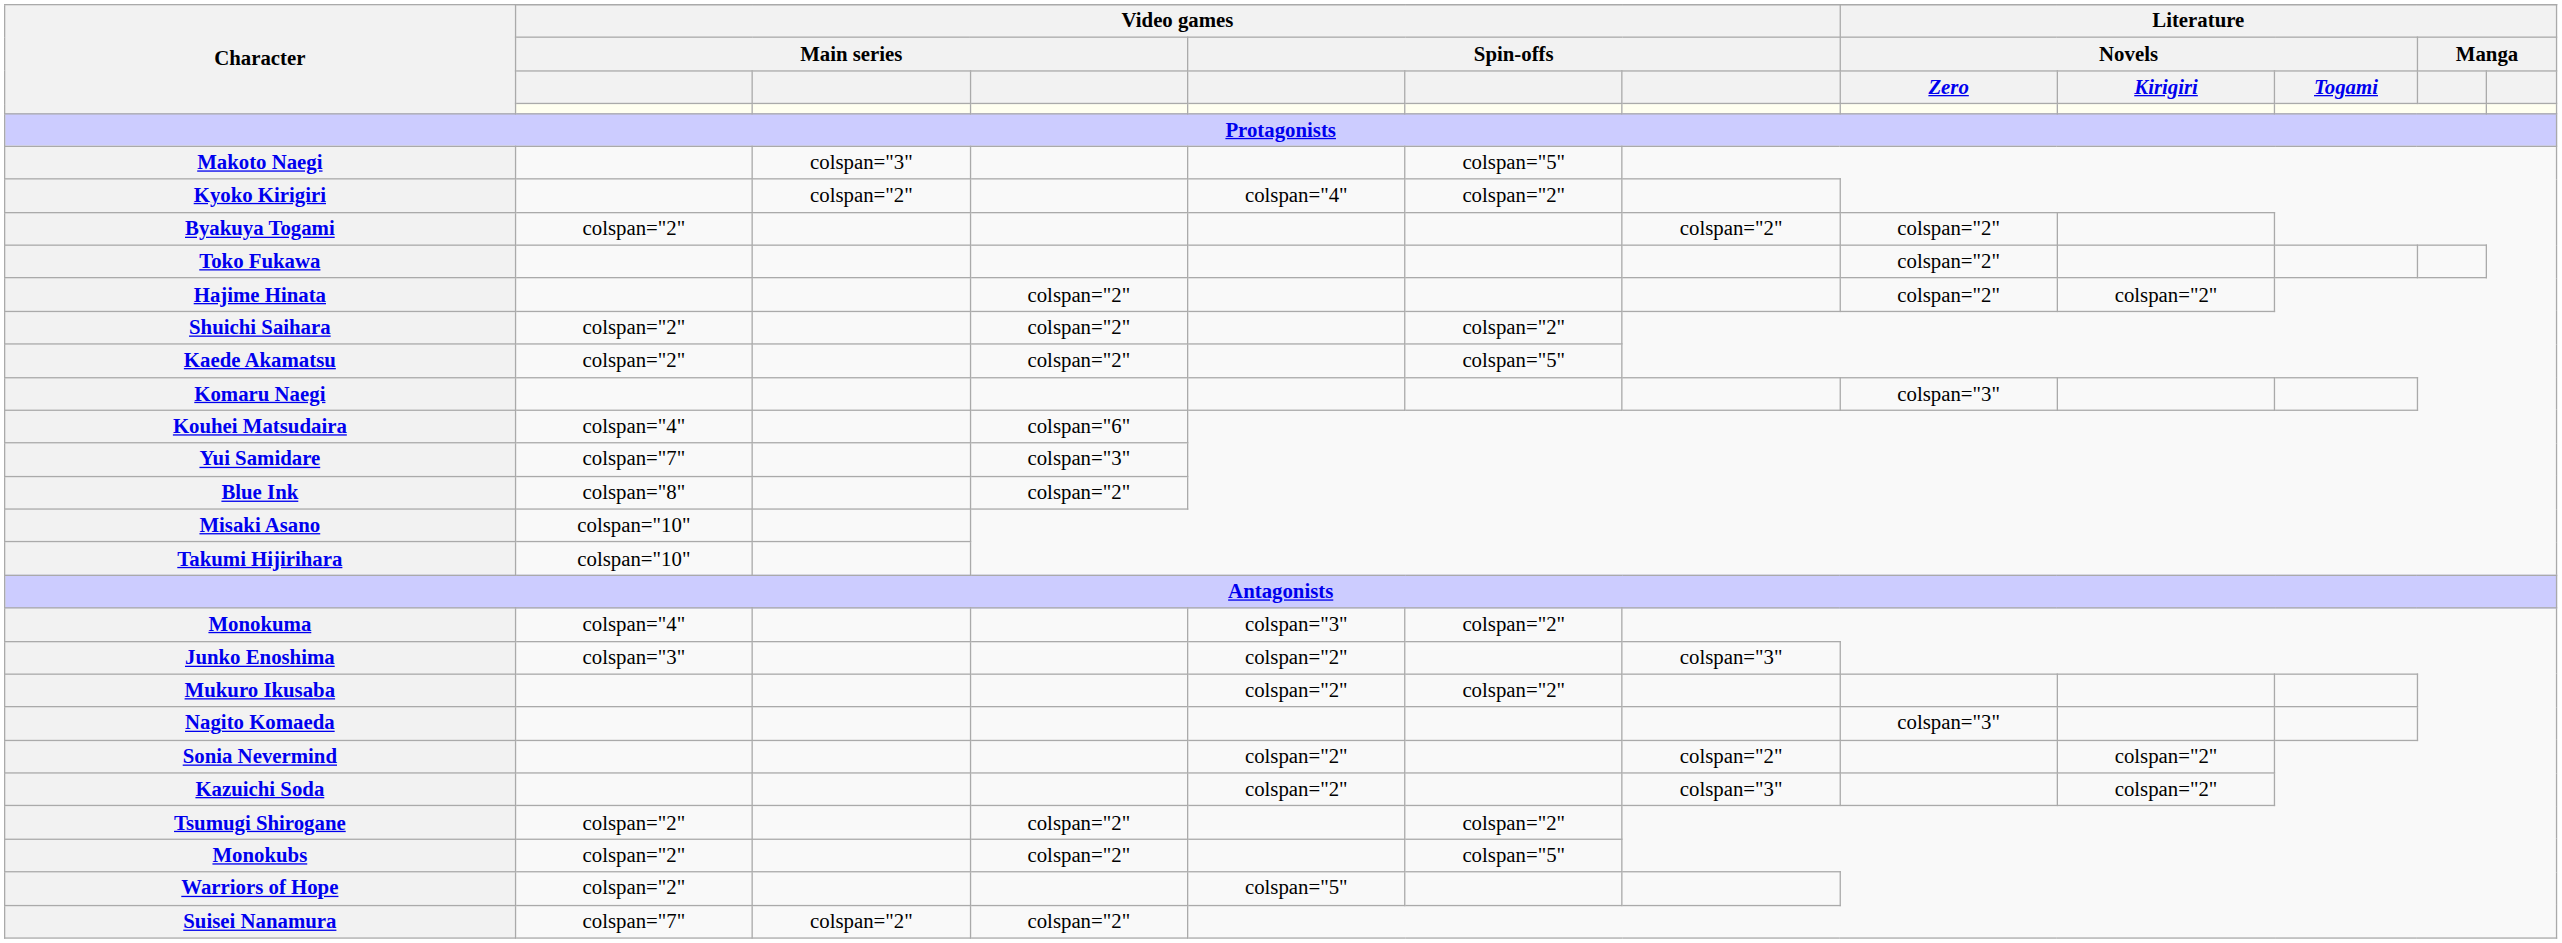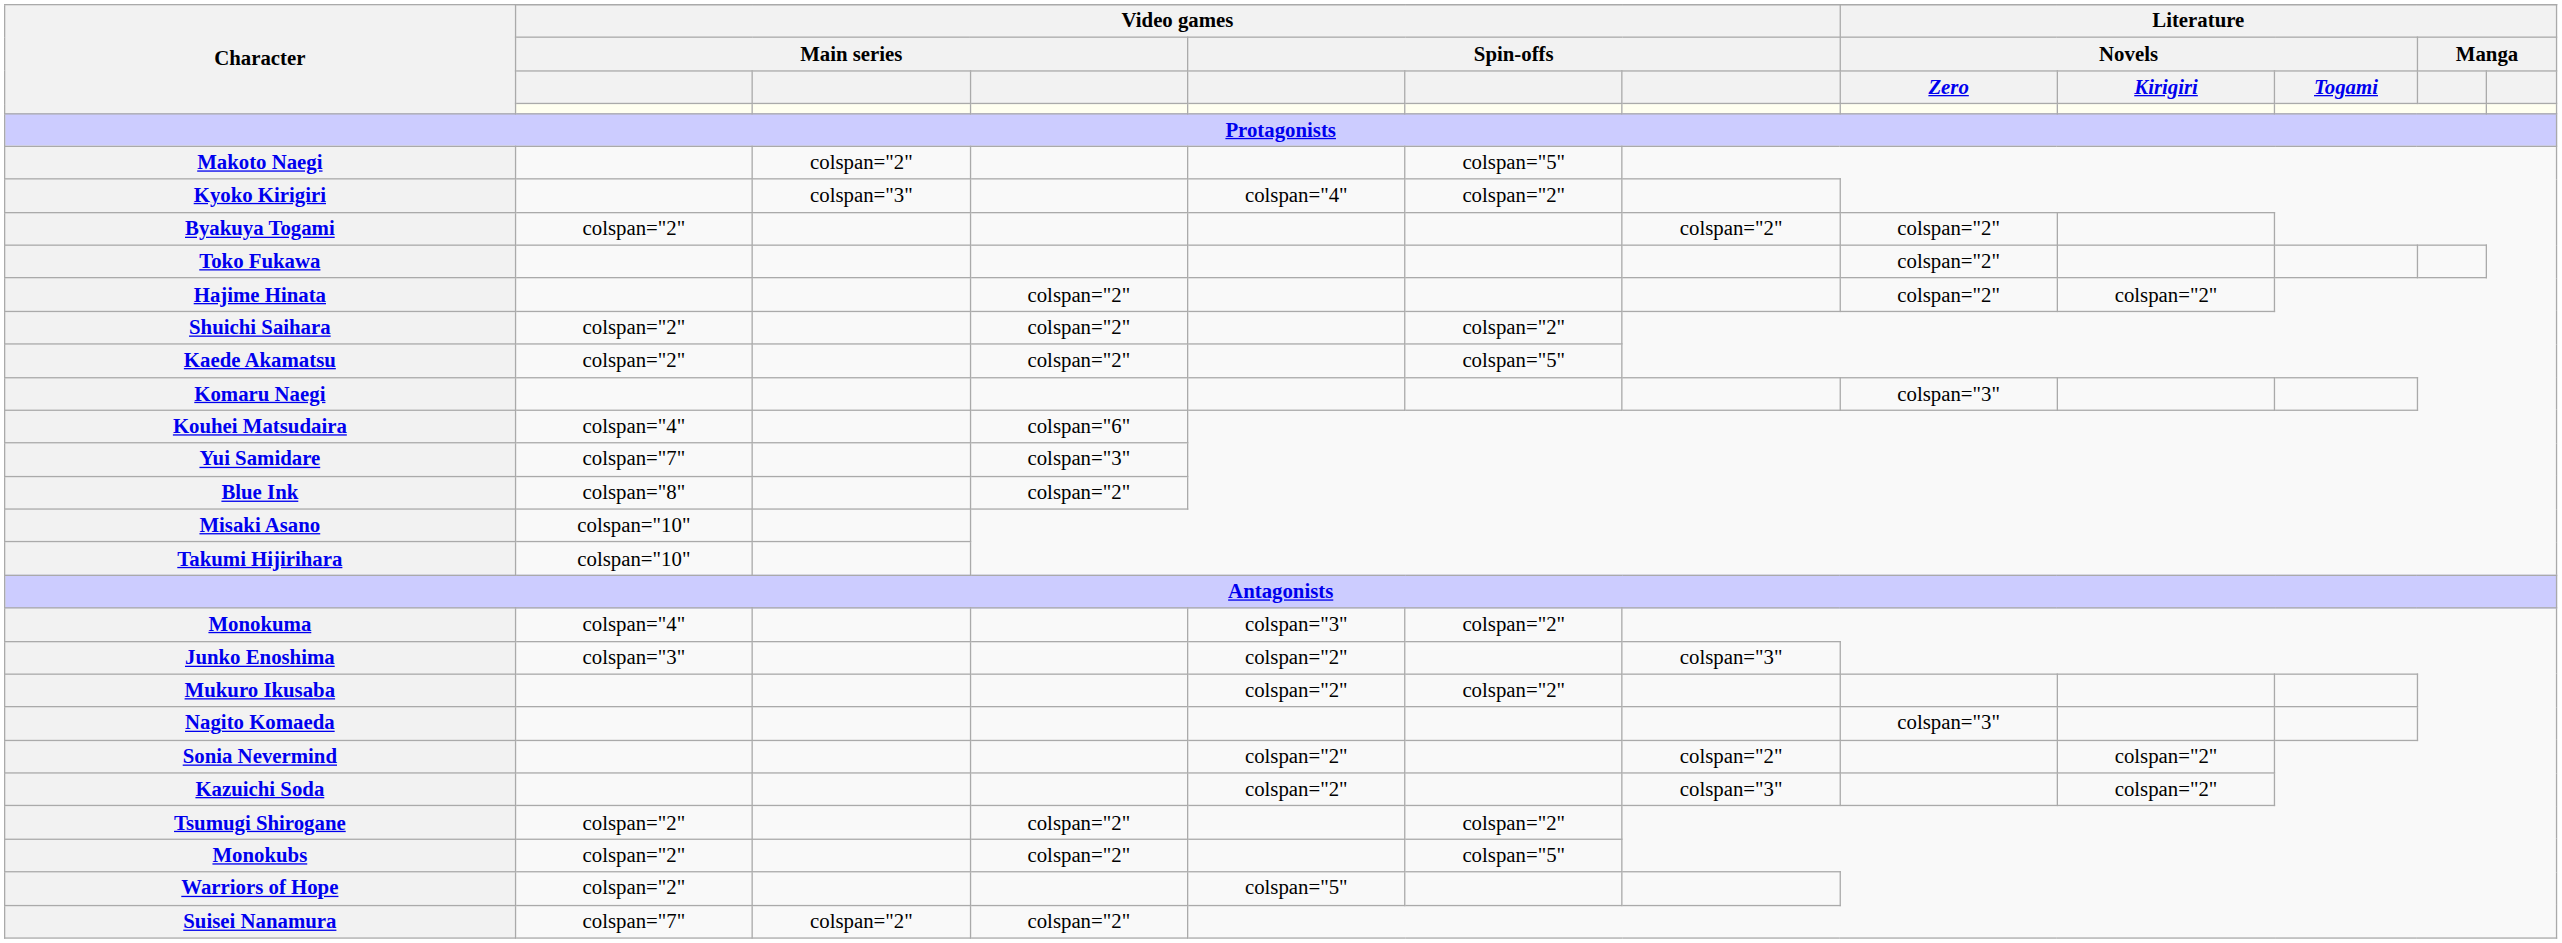 <table class="wikitable" style="width:99%; text-align:center;">
 <tr>
 <th rowspan="5" style="width:20%;">Character</th>
 </tr>
 <tr>
 <th colspan="6">Video games</th>
 <th colspan="5">Literature</th>
 </tr>
 <tr>
 <th colspan="3">Main series</th>
 <th colspan="3">Spin-offs</th>
 <th colspan="3">Novels</th>
 <th colspan="2">Manga</th>
 </tr>
 <tr>
 <th><a href='#'><em></em></a></th>
 <th><a href='#'><em></em></a></th>
 <th><a href='#'><em></em></a></th>
 <th><a href='#'><em></em></a></th>
 <th><a href='#'><em></em></a></th>
 <th><a href='#'><em></em></a></th>
 <th><a href='#'><em>Zero</em></a></th>
 <th><a href='#'><em>Kirigiri</em></a></th>
 <th><a href='#'><em>Togami</em></a></th>
 <th><a href='#'><em></em></a></th>
 <th><a href='#'><em></em></a></th>
 </tr>
 <tr>
 <td style="background:ivory;"></td>
 <td style="background:ivory;"></td>
 <td style="background:ivory;"></td>
 <td style="background:ivory;"></td>
 <td style="background:ivory;"></td>
 <td style="background:ivory;"></td>
 <td style="background:ivory;"></td>
 <td style="background:ivory;"></td>
 <td colspan="2" style="background:ivory;"></td>
 <td style="background:ivory;"></td>
 </tr>
 <tr>
 <th colspan="12" style="background-color:#ccccff;"><a href='#'>Protagonists</a></th>
 </tr>
 <tr>
 <th><a href='#'>Makoto Naegi</a></th>
 <td></td>
-<td>colspan="3" </td>
+<td>colspan="2" </td>
 <td></td>
 <td></td>
 <td>colspan="5" </td>
 </tr>
 <tr>
 <th><a href='#'>Kyoko Kirigiri</a></th>
 <td></td>
-<td>colspan="2" </td>
+<td>colspan="3" </td>
 <td></td>
 <td>colspan="4" </td>
 <td>colspan="2" </td>
 <td></td>
 </tr>
 <tr>
 <th><a href='#'>Byakuya Togami</a></th>
 <td>colspan="2" </td>
 <td></td>
 <td></td>
 <td></td>
 <td></td>
 <td>colspan="2" </td>
 <td>colspan="2" </td>
 <td></td>
 </tr>
 <tr>
 <th><a href='#'>Toko Fukawa</a></th>
 <td></td>
 <td></td>
 <td></td>
 <td></td>
 <td></td>
 <td></td>
 <td>colspan="2" </td>
 <td></td>
 <td></td>
 <td></td>
 </tr>
 <tr>
 <th><a href='#'>Hajime Hinata</a></th>
 <td></td>
 <td></td>
 <td>colspan="2" </td>
 <td></td>
 <td></td>
 <td></td>
 <td>colspan="2" </td>
 <td>colspan="2" </td>
 </tr>
 <tr>
 <th><a href='#'>Shuichi Saihara</a></th>
 <td>colspan="2" </td>
 <td></td>
 <td>colspan="2" </td>
 <td></td>
 <td>colspan="2" </td>
 </tr>
 <tr>
 <th><a href='#'>Kaede Akamatsu</a></th>
 <td>colspan="2" </td>
 <td></td>
 <td>colspan="2" </td>
 <td></td>
 <td>colspan="5" </td>
 </tr>
 <tr>
 <th><a href='#'>Komaru Naegi</a></th>
 <td></td>
 <td></td>
 <td></td>
 <td></td>
 <td></td>
 <td></td>
 <td>colspan="3" </td>
 <td></td>
 <td></td>
 </tr>
 <tr>
 <th><a href='#'>Kouhei Matsudaira</a></th>
 <td>colspan="4" </td>
 <td></td>
 <td>colspan="6" </td>
 </tr>
 <tr>
 <th><a href='#'>Yui Samidare</a></th>
 <td>colspan="7" </td>
 <td></td>
 <td>colspan="3" </td>
 </tr>
 <tr>
 <th><a href='#'>Blue Ink</a></th>
 <td>colspan="8" </td>
 <td></td>
 <td>colspan="2" </td>
 </tr>
 <tr>
 <th><a href='#'>Misaki Asano</a></th>
 <td>colspan="10" </td>
 <td></td>
 </tr>
 <tr>
 <th><a href='#'>Takumi Hijirihara</a></th>
 <td>colspan="10" </td>
 <td></td>
 </tr>
 <tr>
 <th colspan="12" style="background-color:#ccccff;"><a href='#'>Antagonists</a></th>
 </tr>
 <tr>
 <th><a href='#'>Monokuma</a></th>
 <td>colspan="4" </td>
 <td></td>
 <td></td>
 <td>colspan="3" </td>
 <td>colspan="2" </td>
 </tr>
 <tr>
 <th><a href='#'>Junko Enoshima</a></th>
 <td>colspan="3" </td>
 <td></td>
 <td></td>
 <td>colspan="2" </td>
 <td></td>
 <td>colspan="3" </td>
 </tr>
 <tr>
 <th><a href='#'>Mukuro Ikusaba</a></th>
 <td></td>
 <td></td>
 <td></td>
 <td>colspan="2" </td>
 <td>colspan="2" </td>
 <td></td>
 <td></td>
 <td></td>
 <td></td>
 </tr>
 <tr>
 <th><a href='#'>Nagito Komaeda</a></th>
 <td></td>
 <td></td>
 <td></td>
 <td></td>
 <td></td>
 <td></td>
 <td>colspan="3" </td>
 <td></td>
 <td></td>
 </tr>
 <tr>
 <th><a href='#'>Sonia Nevermind</a></th>
 <td></td>
 <td></td>
 <td></td>
 <td>colspan="2" </td>
 <td></td>
 <td>colspan="2" </td>
 <td></td>
 <td>colspan="2" </td>
 </tr>
 <tr>
 <th><a href='#'>Kazuichi Soda</a></th>
 <td></td>
 <td></td>
 <td></td>
 <td>colspan="2" </td>
 <td></td>
 <td>colspan="3" </td>
 <td></td>
 <td>colspan="2" </td>
 </tr>
 <tr>
 <th><a href='#'>Tsumugi Shirogane</a></th>
 <td>colspan="2" </td>
 <td></td>
 <td>colspan="2" </td>
 <td></td>
 <td>colspan="2" </td>
 </tr>
 <tr>
 <th><a href='#'>Monokubs</a></th>
 <td>colspan="2" </td>
 <td></td>
 <td>colspan="2" </td>
 <td></td>
 <td>colspan="5" </td>
 </tr>
 <tr>
 <th><a href='#'>Warriors of Hope</a></th>
 <td>colspan="2" </td>
 <td></td>
 <td></td>
 <td>colspan="5" </td>
 <td></td>
 <td></td>
 </tr>
 <tr>
 <th><a href='#'>Suisei Nanamura</a></th>
 <td>colspan="7" </td>
 <td>colspan="2" </td>
 <td>colspan="2" </td>
 </tr>
 </table>
